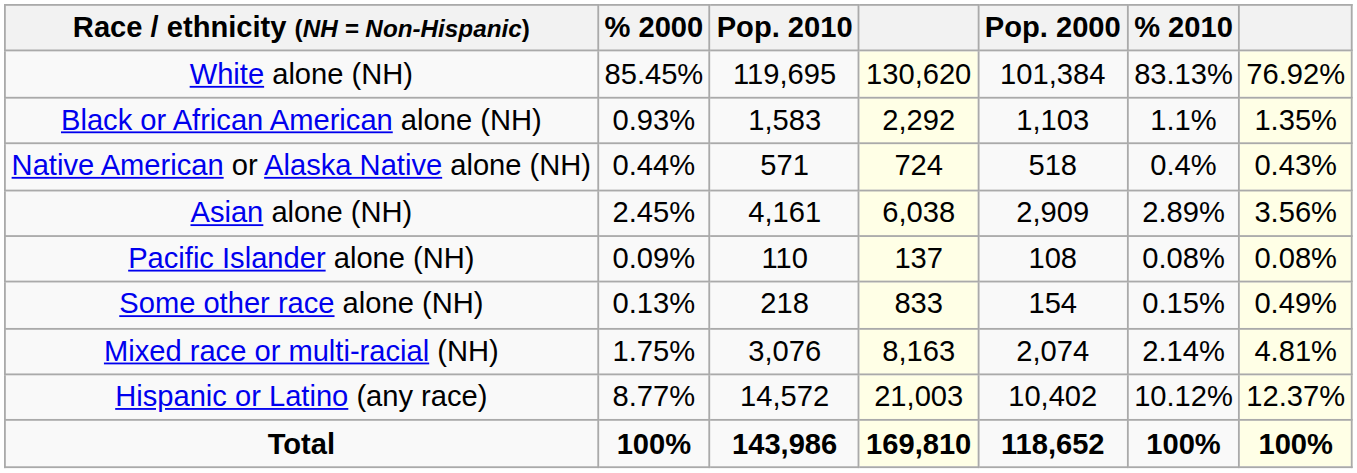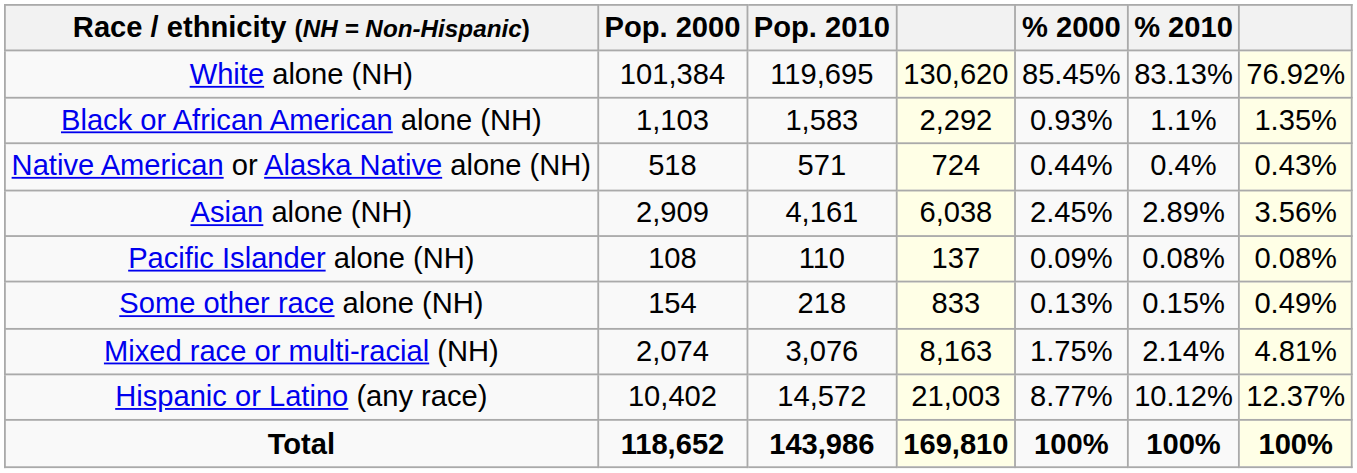 <table class="wikitable" style="text-align:center;">
 <tr>
 <th>Race / ethnicity <small>(<em>NH = Non-Hispanic</em>)</small></th>
-<th>% 2000</th>
+<th>Pop. 2000</th>
 <th>Pop. 2010</th>
 <th></th>
-<th>Pop. 2000</th>
+<th>% 2000</th>
 <th>% 2010</th>
 <th></th>
 </tr>
 <tr>
 <td><a href='#'>White</a> alone (NH)</td>
-<td>85.45%</td>
+<td>101,384</td>
 <td>119,695</td>
 <td style='background: #ffffe6;'>130,620</td>
-<td>101,384</td>
+<td>85.45%</td>
 <td>83.13%</td>
 <td style='background: #ffffe6;'>76.92%</td>
 </tr>
 <tr>
 <td><a href='#'>Black or African American</a> alone (NH)</td>
-<td>0.93%</td>
+<td>1,103</td>
 <td>1,583</td>
 <td style='background: #ffffe6;'>2,292</td>
-<td>1,103</td>
+<td>0.93%</td>
 <td>1.1%</td>
 <td style='background: #ffffe6;'>1.35%</td>
 </tr>
 <tr>
 <td><a href='#'>Native American</a> or <a href='#'>Alaska Native</a> alone (NH)</td>
-<td>0.44%</td>
+<td>518</td>
 <td>571</td>
 <td style='background: #ffffe6;'>724</td>
-<td>518</td>
+<td>0.44%</td>
 <td>0.4%</td>
 <td style='background: #ffffe6;'>0.43%</td>
 </tr>
 <tr>
 <td><a href='#'>Asian</a> alone (NH)</td>
-<td>2.45%</td>
+<td>2,909</td>
 <td>4,161</td>
 <td style='background: #ffffe6;'>6,038</td>
-<td>2,909</td>
+<td>2.45%</td>
 <td>2.89%</td>
 <td style='background: #ffffe6;'>3.56%</td>
 </tr>
 <tr>
 <td><a href='#'>Pacific Islander</a> alone (NH)</td>
-<td>0.09%</td>
+<td>108</td>
 <td>110</td>
 <td style='background: #ffffe6;'>137</td>
-<td>108</td>
+<td>0.09%</td>
 <td>0.08%</td>
 <td style='background: #ffffe6;'>0.08%</td>
 </tr>
 <tr>
 <td><a href='#'>Some other race</a> alone (NH)</td>
-<td>0.13%</td>
+<td>154</td>
 <td>218</td>
 <td style='background: #ffffe6;'>833</td>
-<td>154</td>
+<td>0.13%</td>
 <td>0.15%</td>
 <td style='background: #ffffe6;'>0.49%</td>
 </tr>
 <tr>
 <td><a href='#'>Mixed race or multi-racial</a> (NH)</td>
-<td>1.75%</td>
+<td>2,074</td>
 <td>3,076</td>
 <td style='background: #ffffe6;'>8,163</td>
-<td>2,074</td>
+<td>1.75%</td>
 <td>2.14%</td>
 <td style='background: #ffffe6;'>4.81%</td>
 </tr>
 <tr>
 <td><a href='#'>Hispanic or Latino</a> (any race)</td>
-<td>8.77%</td>
+<td>10,402</td>
 <td>14,572</td>
 <td style='background: #ffffe6;'>21,003</td>
-<td>10,402</td>
+<td>8.77%</td>
 <td>10.12%</td>
 <td style='background: #ffffe6;'>12.37%</td>
 </tr>
 <tr>
 <td><strong>Total</strong></td>
-<td><strong>100%</strong></td>
+<td><strong>118,652</strong></td>
 <td><strong>143,986</strong></td>
 <td style='background: #ffffe6;'><strong>169,810</strong></td>
-<td><strong>118,652</strong></td>
+<td><strong>100%</strong></td>
 <td><strong>100%</strong></td>
 <td style='background: #ffffe6;'><strong>100%</strong></td>
 </tr>
 </table>
